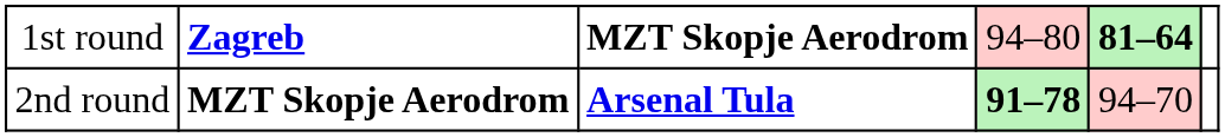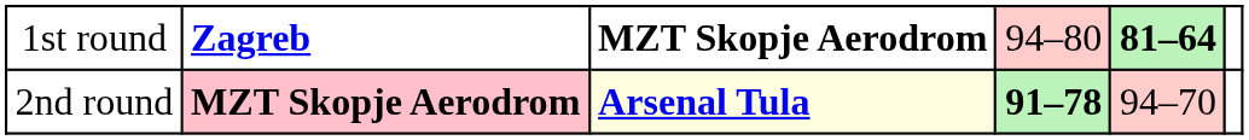 <table cellpadding="3" cellspacing="0" border="1" style="font-size: 95%; border: black solid 1px; border-collapse: collapse;">
 <tr>
 <td align=center>1st round</td>
 <td> <strong><a href='#'>Zagreb</a></strong></td>
 <td> <strong>MZT Skopje Aerodrom</strong></td>
 <td align="center" bgcolor=#FFCCCC>94–80</td>
 <td align="center" bgcolor=#BBF3BB><strong>81–64</strong></td>
 <td align="center"></td>
 </tr>
 <tr>
 <td align=center>2nd round</td>
-<td> <strong>MZT Skopje Aerodrom</strong></td>
-<td> <strong><a href='#'>Arsenal Tula</a></strong></td>
+<td style="background: pink;"> <strong>MZT Skopje Aerodrom</strong></td>
+<td style="background: lightyellow;"> <strong><a href='#'>Arsenal Tula</a></strong></td>
 <td align="center" bgcolor=#BBF3BB><strong>91–78</strong></td>
 <td align="center" bgcolor=#FFCCCC>94–70</td>
 <td align="center"></td>
 </tr>
 </table>
